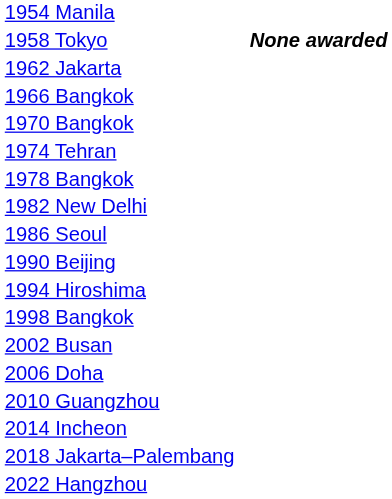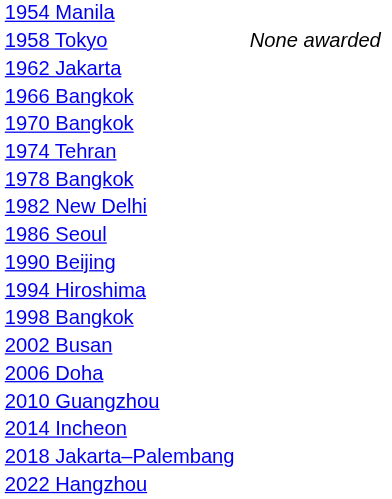 <table>
 <tr>
 <td><a href='#'>1954 Manila</a></td>
 <td></td>
 <td></td>
 <td></td>
 </tr>
 <tr>
 <td><a href='#'>1958 Tokyo</a></td>
 <td></td>
 <td></td>
-<td><strong><em>None awarded</em></strong></td>
+<td><em>None awarded</em></td>
 </tr>
 <tr>
 <td><a href='#'>1962 Jakarta</a></td>
 <td></td>
 <td></td>
 <td></td>
 </tr>
 <tr>
 <td><a href='#'>1966 Bangkok</a></td>
 <td></td>
 <td></td>
 <td></td>
 </tr>
 <tr>
 <td><a href='#'>1970 Bangkok</a></td>
 <td></td>
 <td></td>
 <td></td>
 </tr>
 <tr>
 <td><a href='#'>1974 Tehran</a></td>
 <td></td>
 <td></td>
 <td></td>
 </tr>
 <tr>
 <td><a href='#'>1978 Bangkok</a></td>
 <td></td>
 <td></td>
 <td></td>
 </tr>
 <tr>
 <td><a href='#'>1982 New Delhi</a></td>
 <td></td>
 <td></td>
 <td></td>
 </tr>
 <tr>
 <td><a href='#'>1986 Seoul</a></td>
 <td></td>
 <td></td>
 <td></td>
 </tr>
 <tr>
 <td><a href='#'>1990 Beijing</a></td>
 <td></td>
 <td></td>
 <td></td>
 </tr>
 <tr>
 <td><a href='#'>1994 Hiroshima</a></td>
 <td></td>
 <td></td>
 <td></td>
 </tr>
 <tr>
 <td><a href='#'>1998 Bangkok</a></td>
 <td></td>
 <td></td>
 <td></td>
 </tr>
 <tr>
 <td><a href='#'>2002 Busan</a></td>
 <td></td>
 <td></td>
 <td></td>
 </tr>
 <tr>
 <td><a href='#'>2006 Doha</a></td>
 <td></td>
 <td></td>
 <td></td>
 </tr>
 <tr>
 <td><a href='#'>2010 Guangzhou</a></td>
 <td></td>
 <td></td>
 <td></td>
 </tr>
 <tr>
 <td><a href='#'>2014 Incheon</a></td>
 <td></td>
 <td></td>
 <td></td>
 </tr>
 <tr>
 <td><a href='#'>2018 Jakarta–Palembang</a></td>
 <td></td>
 <td></td>
 <td></td>
 </tr>
 <tr>
 <td><a href='#'>2022 Hangzhou</a></td>
 <td></td>
 <td></td>
 <td></td>
 </tr>
 </table>
